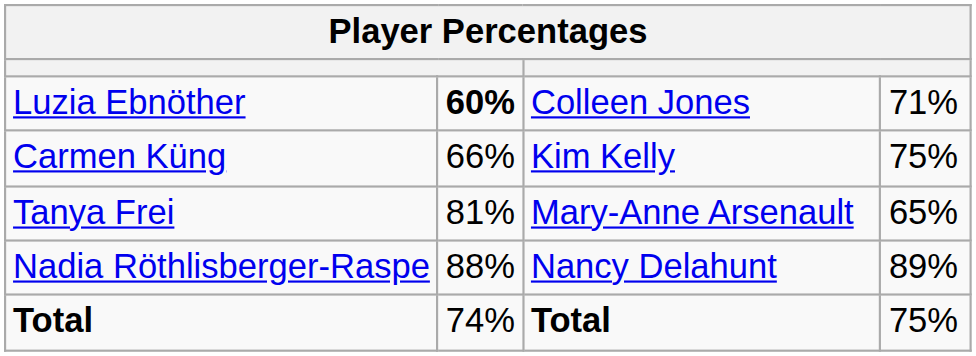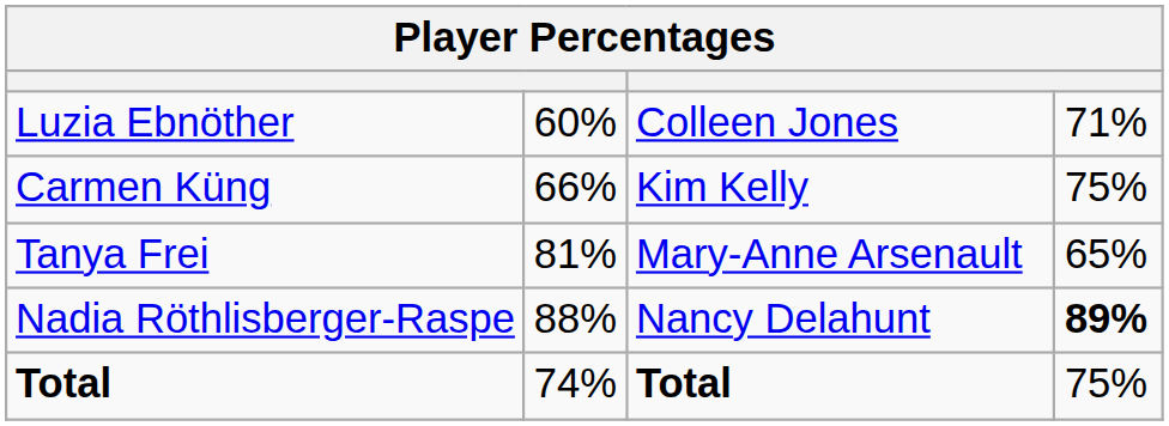 <table class="wikitable">
 <tr>
 <th colspan=4 width=400>Player Percentages</th>
 </tr>
 <tr>
 <th colspan=2 width=200></th>
 <th colspan=2 width=200></th>
 </tr>
 <tr>
 <td><a href='#'>Luzia Ebnöther</a></td>
-<td><strong>60%</strong></td>
+<td>60%</td>
 <td><a href='#'>Colleen Jones</a></td>
 <td>71%</td>
 </tr>
 <tr>
 <td><a href='#'>Carmen Küng</a></td>
 <td>66%</td>
 <td><a href='#'>Kim Kelly</a></td>
 <td>75%</td>
 </tr>
 <tr>
 <td><a href='#'>Tanya Frei</a></td>
 <td>81%</td>
 <td><a href='#'>Mary-Anne Arsenault</a></td>
 <td>65%</td>
 </tr>
 <tr>
 <td><a href='#'>Nadia Röthlisberger-Raspe</a></td>
 <td>88%</td>
 <td><a href='#'>Nancy Delahunt</a></td>
-<td>89%</td>
+<td><strong>89%</strong></td>
 </tr>
 <tr>
 <td><strong>Total</strong></td>
 <td>74%</td>
 <td><strong>Total</strong></td>
 <td>75%</td>
 </tr>
 </table>
